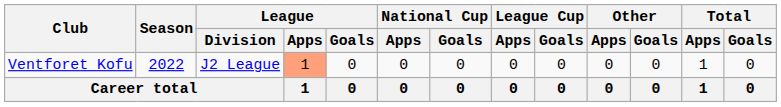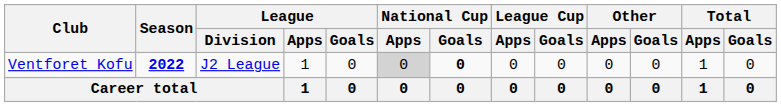 <table class="wikitable" style="text-align: center">
 <tr>
 <th rowspan="2">Club</th>
 <th rowspan="2">Season</th>
 <th colspan="3">League</th>
 <th colspan="2">National Cup</th>
 <th colspan="2">League Cup</th>
 <th colspan="2">Other</th>
 <th colspan="2">Total</th>
 </tr>
 <tr>
 <th>Division</th>
 <th>Apps</th>
 <th>Goals</th>
 <th>Apps</th>
 <th>Goals</th>
 <th>Apps</th>
 <th>Goals</th>
 <th>Apps</th>
 <th>Goals</th>
 <th>Apps</th>
 <th>Goals</th>
 </tr>
 <tr>
 <td><a href='#'>Ventforet Kofu</a></td>
-<td><a href='#'>2022</a></td>
+<td><strong><a href='#'>2022</a></strong></td>
 <td><a href='#'>J2 League</a></td>
-<td style="background: lightsalmon;">1</td>
+<td>1</td>
 <td>0</td>
-<td>0</td>
-<td>0</td>
+<td style="background: lightgrey;">0</td>
+<td><strong>0</strong></td>
 <td>0</td>
 <td>0</td>
 <td>0</td>
 <td>0</td>
 <td>1</td>
 <td>0</td>
 </tr>
 <tr>
 <th colspan=3>Career total</th>
 <th>1</th>
 <th>0</th>
 <th>0</th>
 <th>0</th>
 <th>0</th>
 <th>0</th>
 <th>0</th>
 <th>0</th>
 <th>1</th>
 <th>0</th>
 </tr>
 </table>
